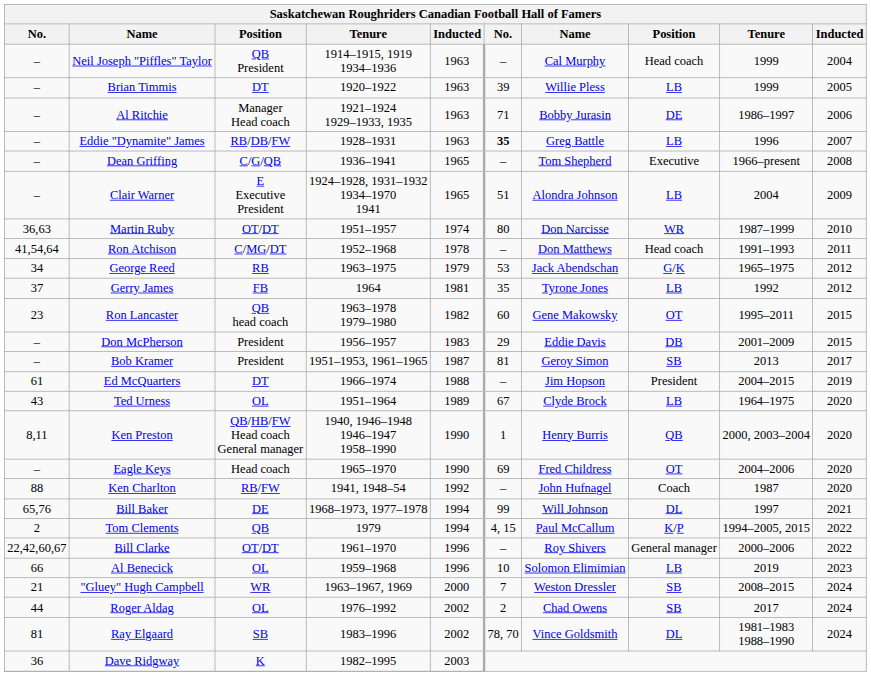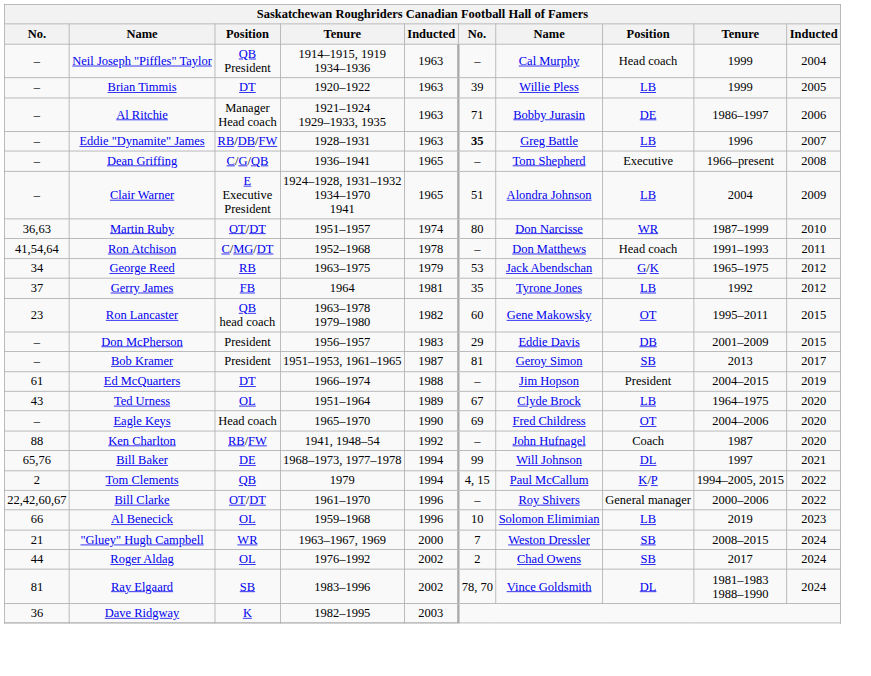 <table class="wikitable" style="text-align:center">
 <tr>
 <th colspan="10"><strong>Saskatchewan Roughriders Canadian Football Hall of Famers</strong></th>
 </tr>
 <tr>
 <th>No.</th>
 <th>Name</th>
 <th>Position</th>
 <th>Tenure</th>
 <th>Inducted</th>
 <th>No.</th>
 <th>Name</th>
 <th>Position</th>
 <th>Tenure</th>
 <th>Inducted</th>
 </tr>
 <tr>
 <td>–</td>
 <td><a href='#'>Neil Joseph "Piffles" Taylor</a></td>
 <td><a href='#'>QB</a><br>President</td>
 <td>1914–1915, 1919<br>1934–1936</td>
 <td style="text-align:center; border-right:3px solid #aaa;">1963</td>
 <td>–</td>
 <td><a href='#'>Cal Murphy</a></td>
 <td>Head coach</td>
 <td>1999</td>
 <td>2004</td>
 </tr>
 <tr>
 <td>–</td>
 <td><a href='#'>Brian Timmis</a></td>
 <td><a href='#'>DT</a></td>
 <td>1920–1922</td>
 <td style="text-align:center; border-right:3px solid #aaa;">1963</td>
 <td>39</td>
 <td><a href='#'>Willie Pless</a></td>
 <td><a href='#'>LB</a></td>
 <td>1999</td>
 <td>2005</td>
 </tr>
 <tr>
 <td>–</td>
 <td><a href='#'>Al Ritchie</a></td>
 <td>Manager<br>Head coach</td>
 <td>1921–1924<br>1929–1933, 1935</td>
 <td style="text-align:center; border-right:3px solid #aaa;">1963</td>
 <td>71</td>
 <td><a href='#'>Bobby Jurasin</a></td>
 <td><a href='#'>DE</a></td>
 <td>1986–1997</td>
 <td>2006</td>
 </tr>
 <tr>
 <td>–</td>
 <td><a href='#'>Eddie "Dynamite" James</a></td>
 <td><a href='#'>RB</a>/<a href='#'>DB</a>/<a href='#'>FW</a></td>
 <td>1928–1931</td>
 <td style="text-align:center; border-right:3px solid #aaa;">1963</td>
 <td><strong>35</strong></td>
 <td><a href='#'>Greg Battle</a></td>
 <td><a href='#'>LB</a></td>
 <td>1996</td>
 <td>2007</td>
 </tr>
 <tr>
 <td>–</td>
 <td><a href='#'>Dean Griffing</a></td>
 <td><a href='#'>C</a>/<a href='#'>G</a>/<a href='#'>QB</a></td>
 <td>1936–1941</td>
 <td style="text-align:center; border-right:3px solid #aaa;">1965</td>
 <td>–</td>
 <td><a href='#'>Tom Shepherd</a></td>
 <td>Executive</td>
 <td>1966–present</td>
 <td>2008</td>
 </tr>
 <tr>
 <td>–</td>
 <td><a href='#'>Clair Warner</a></td>
 <td><a href='#'>E</a><br>Executive<br>President</td>
 <td>1924–1928, 1931–1932<br>1934–1970<br>1941</td>
 <td style="text-align:center; border-right:3px solid #aaa;">1965</td>
 <td>51</td>
 <td><a href='#'>Alondra Johnson</a></td>
 <td><a href='#'>LB</a></td>
 <td>2004</td>
 <td>2009</td>
 </tr>
 <tr>
 <td>36,63</td>
 <td><a href='#'>Martin Ruby</a></td>
 <td><a href='#'>OT</a>/<a href='#'>DT</a></td>
 <td>1951–1957</td>
 <td style="text-align:center; border-right:3px solid #aaa;">1974</td>
 <td>80</td>
 <td><a href='#'>Don Narcisse</a></td>
 <td><a href='#'>WR</a></td>
 <td>1987–1999</td>
 <td>2010</td>
 </tr>
 <tr>
 <td>41,54,64</td>
 <td><a href='#'>Ron Atchison</a></td>
 <td><a href='#'>C</a>/<a href='#'>MG</a>/<a href='#'>DT</a></td>
 <td>1952–1968</td>
 <td style="text-align:center; border-right:3px solid #aaa;">1978</td>
 <td>–</td>
 <td><a href='#'>Don Matthews</a></td>
 <td>Head coach</td>
 <td>1991–1993</td>
 <td>2011</td>
 </tr>
 <tr>
 <td>34</td>
 <td><a href='#'>George Reed</a></td>
 <td><a href='#'>RB</a></td>
 <td>1963–1975</td>
 <td style="text-align:center; border-right:3px solid #aaa;">1979</td>
 <td>53</td>
 <td><a href='#'>Jack Abendschan</a></td>
 <td><a href='#'>G</a>/<a href='#'>K</a></td>
 <td>1965–1975</td>
 <td>2012</td>
 </tr>
 <tr>
 <td>37</td>
 <td><a href='#'>Gerry James</a></td>
 <td><a href='#'>FB</a></td>
 <td>1964</td>
 <td style="text-align:center; border-right:3px solid #aaa;">1981</td>
 <td>35</td>
 <td><a href='#'>Tyrone Jones</a></td>
 <td><a href='#'>LB</a></td>
 <td>1992</td>
 <td>2012</td>
 </tr>
 <tr>
 <td>23</td>
 <td><a href='#'>Ron Lancaster</a></td>
 <td><a href='#'>QB</a><br>head coach</td>
 <td>1963–1978<br>1979–1980</td>
 <td style="text-align:center; border-right:3px solid #aaa;">1982</td>
 <td>60</td>
 <td><a href='#'>Gene Makowsky</a></td>
 <td><a href='#'>OT</a></td>
 <td>1995–2011</td>
 <td>2015</td>
 </tr>
 <tr>
 <td>–</td>
 <td><a href='#'>Don McPherson</a></td>
 <td>President</td>
 <td>1956–1957</td>
 <td style="text-align:center; border-right:3px solid #aaa;">1983</td>
 <td>29</td>
 <td><a href='#'>Eddie Davis</a></td>
 <td><a href='#'>DB</a></td>
 <td>2001–2009</td>
 <td>2015</td>
 </tr>
 <tr>
 <td>–</td>
 <td><a href='#'>Bob Kramer</a></td>
 <td>President</td>
 <td>1951–1953, 1961–1965</td>
 <td style="text-align:center; border-right:3px solid #aaa;">1987</td>
 <td>81</td>
 <td><a href='#'>Geroy Simon</a></td>
 <td><a href='#'>SB</a></td>
 <td>2013</td>
 <td>2017</td>
 </tr>
 <tr>
 <td>61</td>
 <td><a href='#'>Ed McQuarters</a></td>
 <td><a href='#'>DT</a></td>
 <td>1966–1974</td>
 <td style="text-align:center; border-right:3px solid #aaa;">1988</td>
 <td>–</td>
 <td><a href='#'>Jim Hopson</a></td>
 <td>President</td>
 <td>2004–2015</td>
 <td>2019</td>
 </tr>
 <tr>
 <td>43</td>
 <td><a href='#'>Ted Urness</a></td>
 <td><a href='#'>OL</a></td>
 <td>1951–1964</td>
 <td style="text-align:center; border-right:3px solid #aaa;">1989</td>
 <td>67</td>
 <td><a href='#'>Clyde Brock</a></td>
 <td><a href='#'>LB</a></td>
 <td>1964–1975</td>
 <td>2020</td>
 </tr>
 <tr>
-<td>8,11</td>
-<td><a href='#'>Ken Preston</a></td>
-<td><a href='#'>QB</a>/<a href='#'>HB</a>/<a href='#'>FW</a><br>Head coach<br>General manager</td>
-<td>1940, 1946–1948<br>1946–1947<br>1958–1990</td>
-<td style="text-align:center; border-right:3px solid #aaa;">1990</td>
-<td>1</td>
-<td><a href='#'>Henry Burris</a></td>
-<td><a href='#'>QB</a></td>
-<td>2000, 2003–2004</td>
-<td>2020</td>
-</tr>
-<tr>
 <td>–</td>
 <td><a href='#'>Eagle Keys</a></td>
 <td>Head coach</td>
 <td>1965–1970</td>
 <td style="text-align:center; border-right:3px solid #aaa;">1990</td>
 <td>69</td>
 <td><a href='#'>Fred Childress</a></td>
 <td><a href='#'>OT</a></td>
 <td>2004–2006</td>
 <td>2020</td>
 </tr>
 <tr>
 <td>88</td>
 <td><a href='#'>Ken Charlton</a></td>
 <td><a href='#'>RB</a>/<a href='#'>FW</a></td>
 <td>1941, 1948–54</td>
 <td style="text-align:center; border-right:3px solid #aaa;">1992</td>
 <td>–</td>
 <td><a href='#'>John Hufnagel</a></td>
 <td>Coach</td>
 <td>1987</td>
 <td>2020</td>
 </tr>
 <tr>
 <td>65,76</td>
 <td><a href='#'>Bill Baker</a></td>
 <td><a href='#'>DE</a></td>
 <td>1968–1973, 1977–1978</td>
 <td style="text-align:center; border-right:3px solid #aaa;">1994</td>
 <td>99</td>
 <td><a href='#'>Will Johnson</a></td>
 <td><a href='#'>DL</a></td>
 <td>1997</td>
 <td>2021</td>
 </tr>
 <tr>
 <td>2</td>
 <td><a href='#'>Tom Clements</a></td>
 <td><a href='#'>QB</a></td>
 <td>1979</td>
 <td style="text-align:center; border-right:3px solid #aaa;">1994</td>
 <td>4, 15</td>
 <td><a href='#'>Paul McCallum</a></td>
 <td><a href='#'>K</a>/<a href='#'>P</a></td>
 <td>1994–2005, 2015</td>
 <td>2022</td>
 </tr>
 <tr>
 <td>22,42,60,67</td>
 <td><a href='#'>Bill Clarke</a></td>
 <td><a href='#'>OT</a>/<a href='#'>DT</a></td>
 <td>1961–1970</td>
 <td style="text-align:center; border-right:3px solid #aaa;">1996</td>
 <td>–</td>
 <td><a href='#'>Roy Shivers</a></td>
 <td>General manager</td>
 <td>2000–2006</td>
 <td>2022</td>
 </tr>
 <tr>
 <td>66</td>
 <td><a href='#'>Al Benecick</a></td>
 <td><a href='#'>OL</a></td>
 <td>1959–1968</td>
 <td style="text-align:center; border-right:3px solid #aaa;">1996</td>
 <td>10</td>
 <td><a href='#'>Solomon Elimimian</a></td>
 <td><a href='#'>LB</a></td>
 <td>2019</td>
 <td>2023</td>
 </tr>
 <tr>
 <td>21</td>
 <td><a href='#'>"Gluey" Hugh Campbell</a></td>
 <td><a href='#'>WR</a></td>
 <td>1963–1967, 1969</td>
 <td style="text-align:center; border-right:3px solid #aaa;">2000</td>
 <td>7</td>
 <td><a href='#'>Weston Dressler</a></td>
 <td><a href='#'>SB</a></td>
 <td>2008–2015</td>
 <td>2024</td>
 </tr>
 <tr>
 <td>44</td>
 <td><a href='#'>Roger Aldag</a></td>
 <td><a href='#'>OL</a></td>
 <td>1976–1992</td>
 <td style="text-align:center; border-right:3px solid #aaa;">2002</td>
 <td>2</td>
 <td><a href='#'>Chad Owens</a></td>
 <td><a href='#'>SB</a></td>
 <td>2017</td>
 <td>2024</td>
 </tr>
 <tr>
 <td>81</td>
 <td><a href='#'>Ray Elgaard</a></td>
 <td><a href='#'>SB</a></td>
 <td>1983–1996</td>
 <td style="text-align:center; border-right:3px solid #aaa;">2002</td>
 <td>78, 70</td>
 <td><a href='#'>Vince Goldsmith</a></td>
 <td><a href='#'>DL</a></td>
 <td>1981–1983<br>1988–1990</td>
 <td>2024</td>
 </tr>
 <tr>
 <td>36</td>
 <td><a href='#'>Dave Ridgway</a></td>
 <td><a href='#'>K</a></td>
 <td>1982–1995</td>
 <td style="text-align:center; border-right:3px solid #aaa;">2003</td>
 </tr>
 <tr>
 </tr>
 </table>
